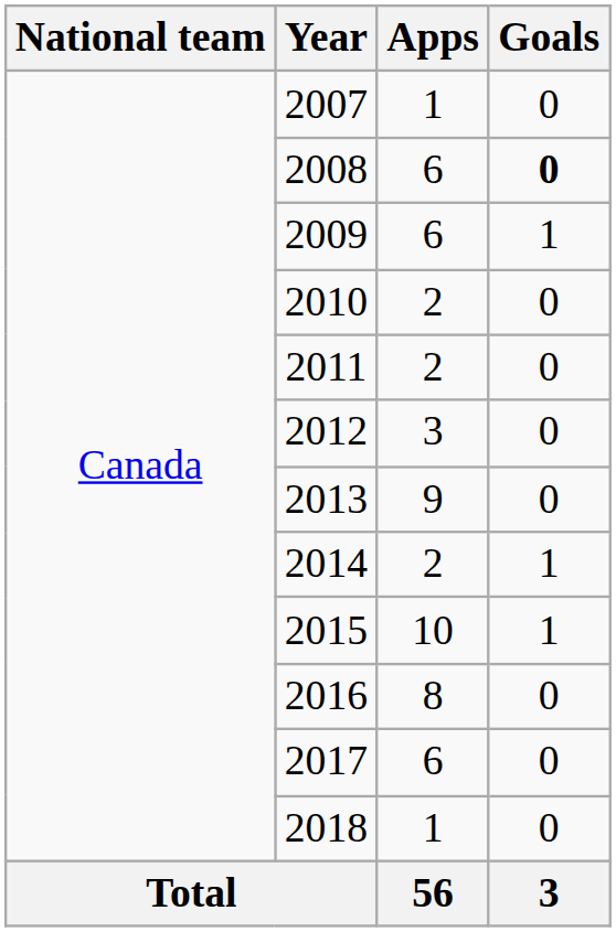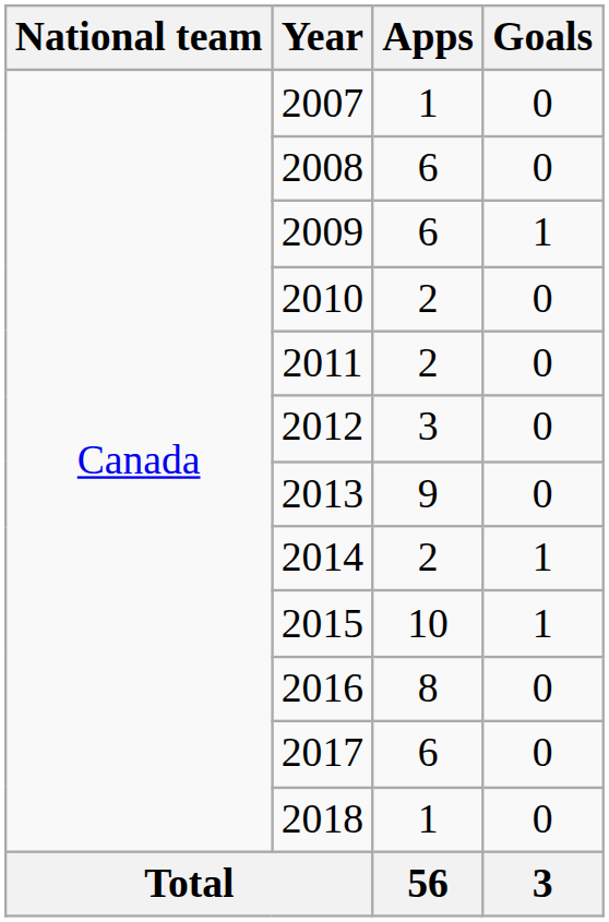 <table class="wikitable" style="text-align:center">
 <tr>
 <th>National team</th>
 <th>Year</th>
 <th>Apps</th>
 <th>Goals</th>
 </tr>
 <tr>
 <td rowspan="12"><a href='#'>Canada</a></td>
 <td>2007</td>
 <td>1</td>
 <td>0</td>
 </tr>
 <tr>
 <td>2008</td>
 <td>6</td>
-<td><strong>0</strong></td>
+<td>0</td>
 </tr>
 <tr>
 <td>2009</td>
 <td>6</td>
 <td>1</td>
 </tr>
 <tr>
 <td>2010</td>
 <td>2</td>
 <td>0</td>
 </tr>
 <tr>
 <td>2011</td>
 <td>2</td>
 <td>0</td>
 </tr>
 <tr>
 <td>2012</td>
 <td>3</td>
 <td>0</td>
 </tr>
 <tr>
 <td>2013</td>
 <td>9</td>
 <td>0</td>
 </tr>
 <tr>
 <td>2014</td>
 <td>2</td>
 <td>1</td>
 </tr>
 <tr>
 <td>2015</td>
 <td>10</td>
 <td>1</td>
 </tr>
 <tr>
 <td>2016</td>
 <td>8</td>
 <td>0</td>
 </tr>
 <tr>
 <td>2017</td>
 <td>6</td>
 <td>0</td>
 </tr>
 <tr>
 <td>2018</td>
 <td>1</td>
 <td>0</td>
 </tr>
 <tr>
 <th colspan="2">Total</th>
 <th>56</th>
 <th>3</th>
 </tr>
 </table>
